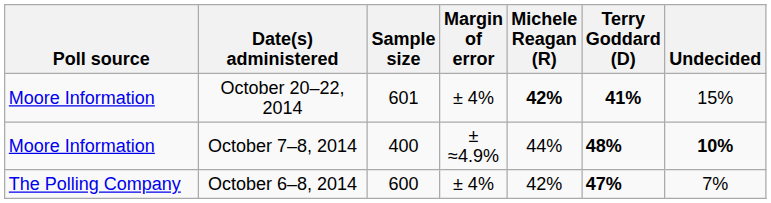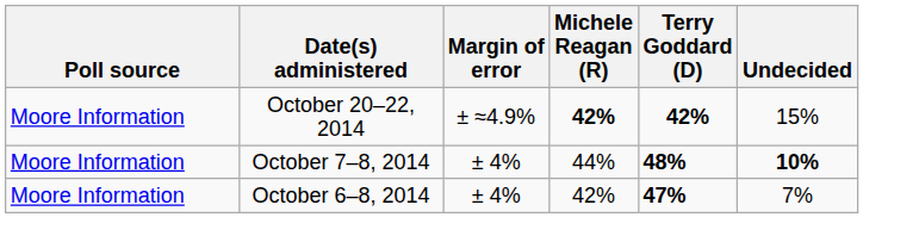 <table class="wikitable" style="font-size:90%;">
 <tr valign= bottom>
 <th style="width:150px;">Poll source</th>
 <th style="width:130px;">Date(s)<br>administered</th>
-<th class=small>Sample<br>size</th>
 <th class=small>Margin of<br>error</th>
 <th style="width:50px;">Michele<br>Reagan (R)</th>
 <th style="width:50px;">Terry<br>Goddard (D)</th>
 <th style="width:50px;">Undecided</th>
 </tr>
 <tr>
 <td><a href='#'>Moore Information</a></td>
 <td align=center>October 20–22, 2014</td>
-<td align=center>601</td>
-<td align=center>± 4%</td>
+<td align=center>± ≈4.9%</td>
 <td align=center><strong>42%</strong></td>
-<td align=center><strong>41%</strong></td>
+<td align=center><strong>42%</strong></td>
 <td align=center>15%</td>
 </tr>
 <tr>
 <td><a href='#'>Moore Information</a></td>
 <td align=center>October 7–8, 2014</td>
-<td align=center>400</td>
-<td align=center>± ≈4.9%</td>
+<td align=center>± 4%</td>
 <td align=center>44%</td>
 <td><strong>48%</strong></td>
 <td align=center><strong>10%</strong></td>
 </tr>
 <tr>
-<td><a href='#'>The Polling Company</a></td>
+<td><a href='#'>Moore Information</a></td>
 <td align=center>October 6–8, 2014</td>
-<td align=center>600</td>
 <td align=center>± 4%</td>
 <td align=center>42%</td>
 <td><strong>47%</strong></td>
 <td align=center>7%</td>
 </tr>
 </table>
